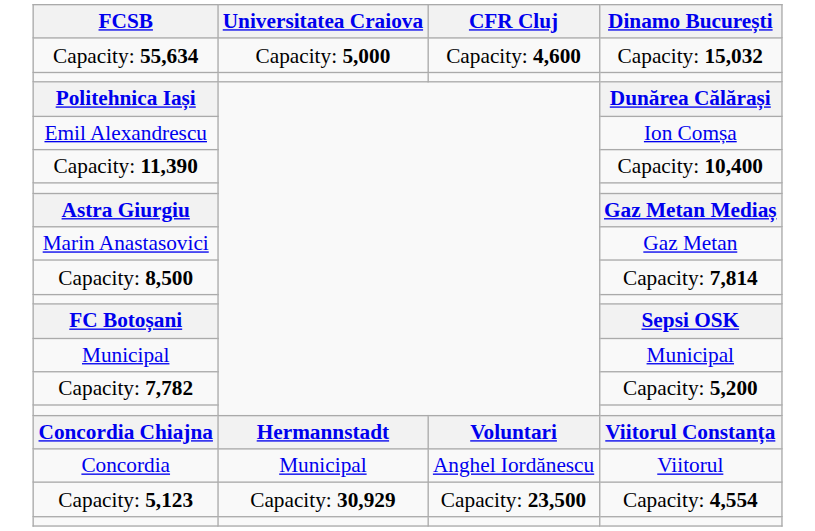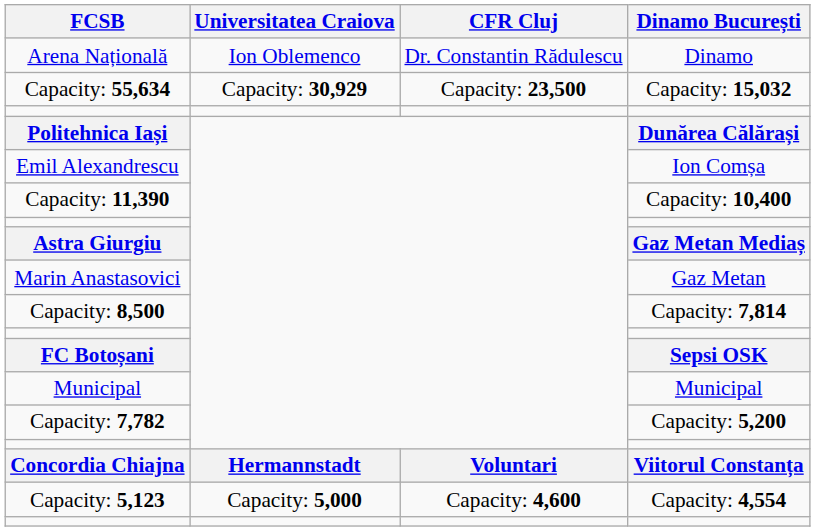 <table class="wikitable" style="text-align:center;margin: 1em auto;">
 <tr>
 <th><a href='#'>FCSB</a></th>
 <th><a href='#'>Universitatea Craiova</a></th>
 <th><a href='#'>CFR Cluj</a></th>
 <th><a href='#'>Dinamo București</a></th>
 </tr>
 <tr>
+<td><a href='#'>Arena Națională</a></td>
+<td><a href='#'>Ion Oblemenco</a></td>
+<td><a href='#'>Dr. Constantin Rădulescu</a></td>
+<td><a href='#'>Dinamo</a></td>
+</tr>
+<tr>
 <td>Capacity: <strong>55,634</strong></td>
-<td>Capacity: <strong>5,000</strong></td>
-<td>Capacity: <strong>4,600</strong></td>
+<td>Capacity: <strong>30,929</strong></td>
+<td>Capacity: <strong>23,500</strong></td>
 <td>Capacity: <strong>15,032</strong></td>
 </tr>
 <tr>
 <td></td>
 <td></td>
 <td></td>
 <td></td>
 </tr>
 <tr>
 <th><a href='#'>Politehnica Iași</a></th>
 <td colspan="2" rowspan="12"><br> </td>
 <th><a href='#'>Dunărea Călărași</a></th>
 </tr>
 <tr>
 <td><a href='#'>Emil Alexandrescu</a></td>
 <td><a href='#'>Ion Comșa</a></td>
 </tr>
 <tr>
 <td>Capacity: <strong>11,390</strong></td>
 <td>Capacity: <strong>10,400</strong></td>
 </tr>
 <tr>
 <td></td>
 <td></td>
 </tr>
 <tr>
 <th><a href='#'>Astra Giurgiu</a></th>
 <th><a href='#'>Gaz Metan Mediaș</a></th>
 </tr>
 <tr>
 <td><a href='#'>Marin Anastasovici</a></td>
 <td><a href='#'>Gaz Metan</a></td>
 </tr>
 <tr>
 <td>Capacity: <strong>8,500</strong></td>
 <td>Capacity: <strong>7,814</strong></td>
 </tr>
 <tr>
 <td></td>
 <td></td>
 </tr>
 <tr>
 <th><a href='#'>FC Botoșani</a></th>
 <th><a href='#'>Sepsi OSK</a></th>
 </tr>
 <tr>
 <td><a href='#'>Municipal</a></td>
 <td><a href='#'>Municipal</a></td>
 </tr>
 <tr>
 <td>Capacity: <strong>7,782</strong></td>
 <td>Capacity: <strong>5,200</strong></td>
 </tr>
 <tr>
 <td></td>
 <td></td>
 </tr>
 <tr>
 <th><a href='#'>Concordia Chiajna</a></th>
 <th><a href='#'>Hermannstadt</a></th>
 <th><a href='#'>Voluntari</a></th>
 <th><a href='#'>Viitorul Constanța</a></th>
 </tr>
 <tr>
-<td><a href='#'>Concordia</a></td>
-<td><a href='#'>Municipal</a></td>
-<td><a href='#'>Anghel Iordănescu</a></td>
-<td><a href='#'>Viitorul</a></td>
-</tr>
-<tr>
 <td>Capacity: <strong>5,123</strong></td>
-<td>Capacity: <strong>30,929</strong></td>
-<td>Capacity: <strong>23,500</strong></td>
+<td>Capacity: <strong>5,000</strong></td>
+<td>Capacity: <strong>4,600</strong></td>
 <td>Capacity: <strong>4,554</strong></td>
 </tr>
 <tr>
 <td></td>
 <td></td>
 <td></td>
 <td></td>
 </tr>
 </table>
